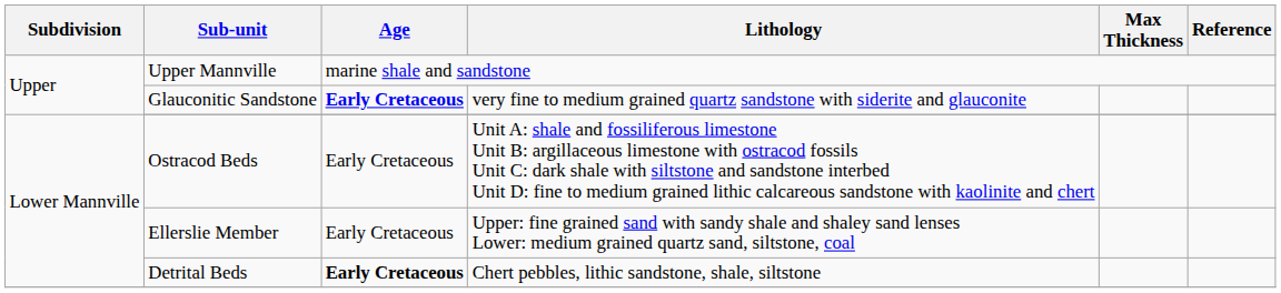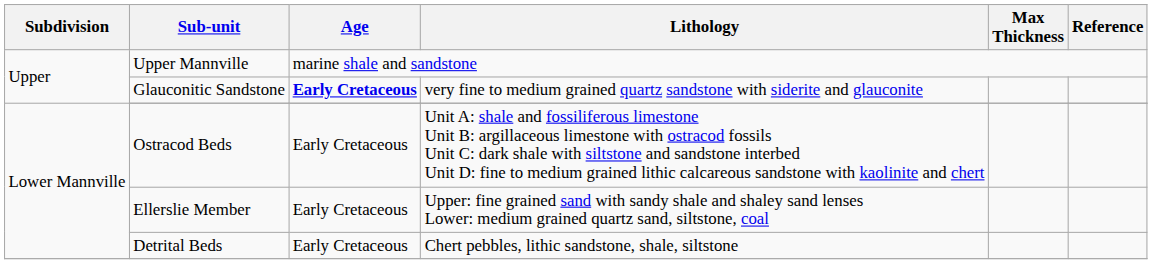 <table class="wikitable">
 <tr>
 <th>Subdivision</th>
 <th><a href='#'>Sub-unit</a></th>
 <th><a href='#'>Age</a></th>
 <th>Lithology</th>
 <th>Max<br>Thickness</th>
 <th>Reference</th>
 </tr>
 <tr>
 <td rowspan=2>Upper</td>
 <td>Upper Mannville</td>
 <td colspan=4>marine <a href='#'>shale</a> and <a href='#'>sandstone</a></td>
 </tr>
 <tr>
 <td>Glauconitic Sandstone</td>
 <td><strong><a href='#'>Early Cretaceous</a></strong></td>
 <td>very fine to medium grained <a href='#'>quartz</a> <a href='#'>sandstone</a> with <a href='#'>siderite</a> and <a href='#'>glauconite</a></td>
 <td></td>
 <td></td>
 </tr>
 <tr>
 <td rowspan=4>Lower Mannville</td>
 </tr>
 <tr>
 <td>Ostracod Beds</td>
 <td>Early Cretaceous</td>
 <td>Unit A: <a href='#'>shale</a> and <a href='#'>fossiliferous limestone</a><br>Unit B: argillaceous limestone with <a href='#'>ostracod</a> fossils<br>Unit C: dark shale with <a href='#'>siltstone</a> and sandstone interbed<br>Unit D: fine to medium grained lithic calcareous sandstone with <a href='#'>kaolinite</a> and <a href='#'>chert</a></td>
 <td></td>
 <td></td>
 </tr>
 <tr>
 <td>Ellerslie Member</td>
 <td>Early Cretaceous</td>
 <td>Upper: fine grained <a href='#'>sand</a> with sandy shale and shaley sand lenses<br>Lower: medium grained quartz sand, siltstone, <a href='#'>coal</a></td>
 <td><br></td>
 <td></td>
 </tr>
 <tr>
 <td>Detrital Beds</td>
-<td><strong>Early Cretaceous</strong></td>
+<td>Early Cretaceous</td>
 <td>Chert pebbles, lithic sandstone, shale, siltstone</td>
 <td></td>
 <td></td>
 </tr>
 <tr>
 </tr>
 </table>
